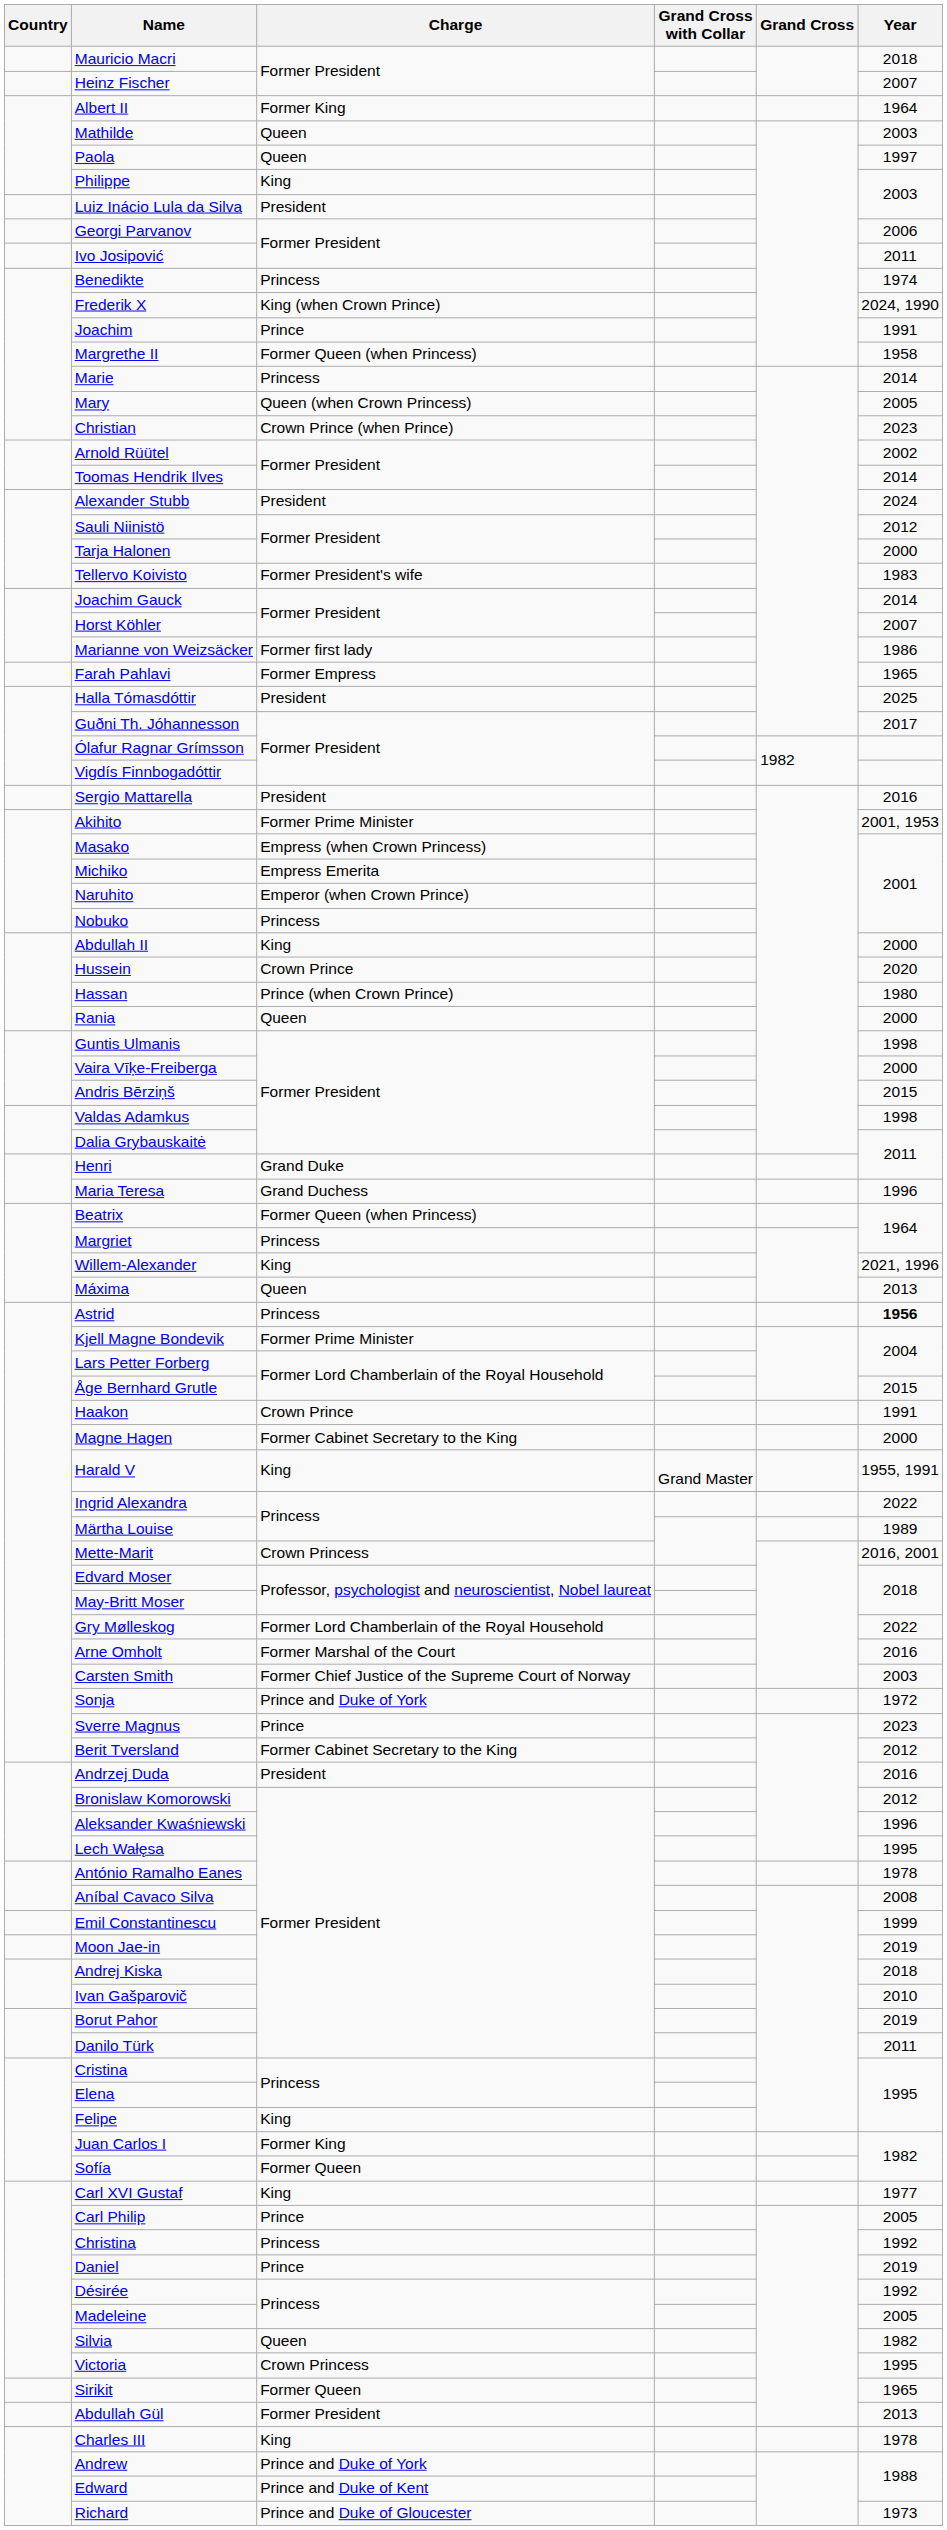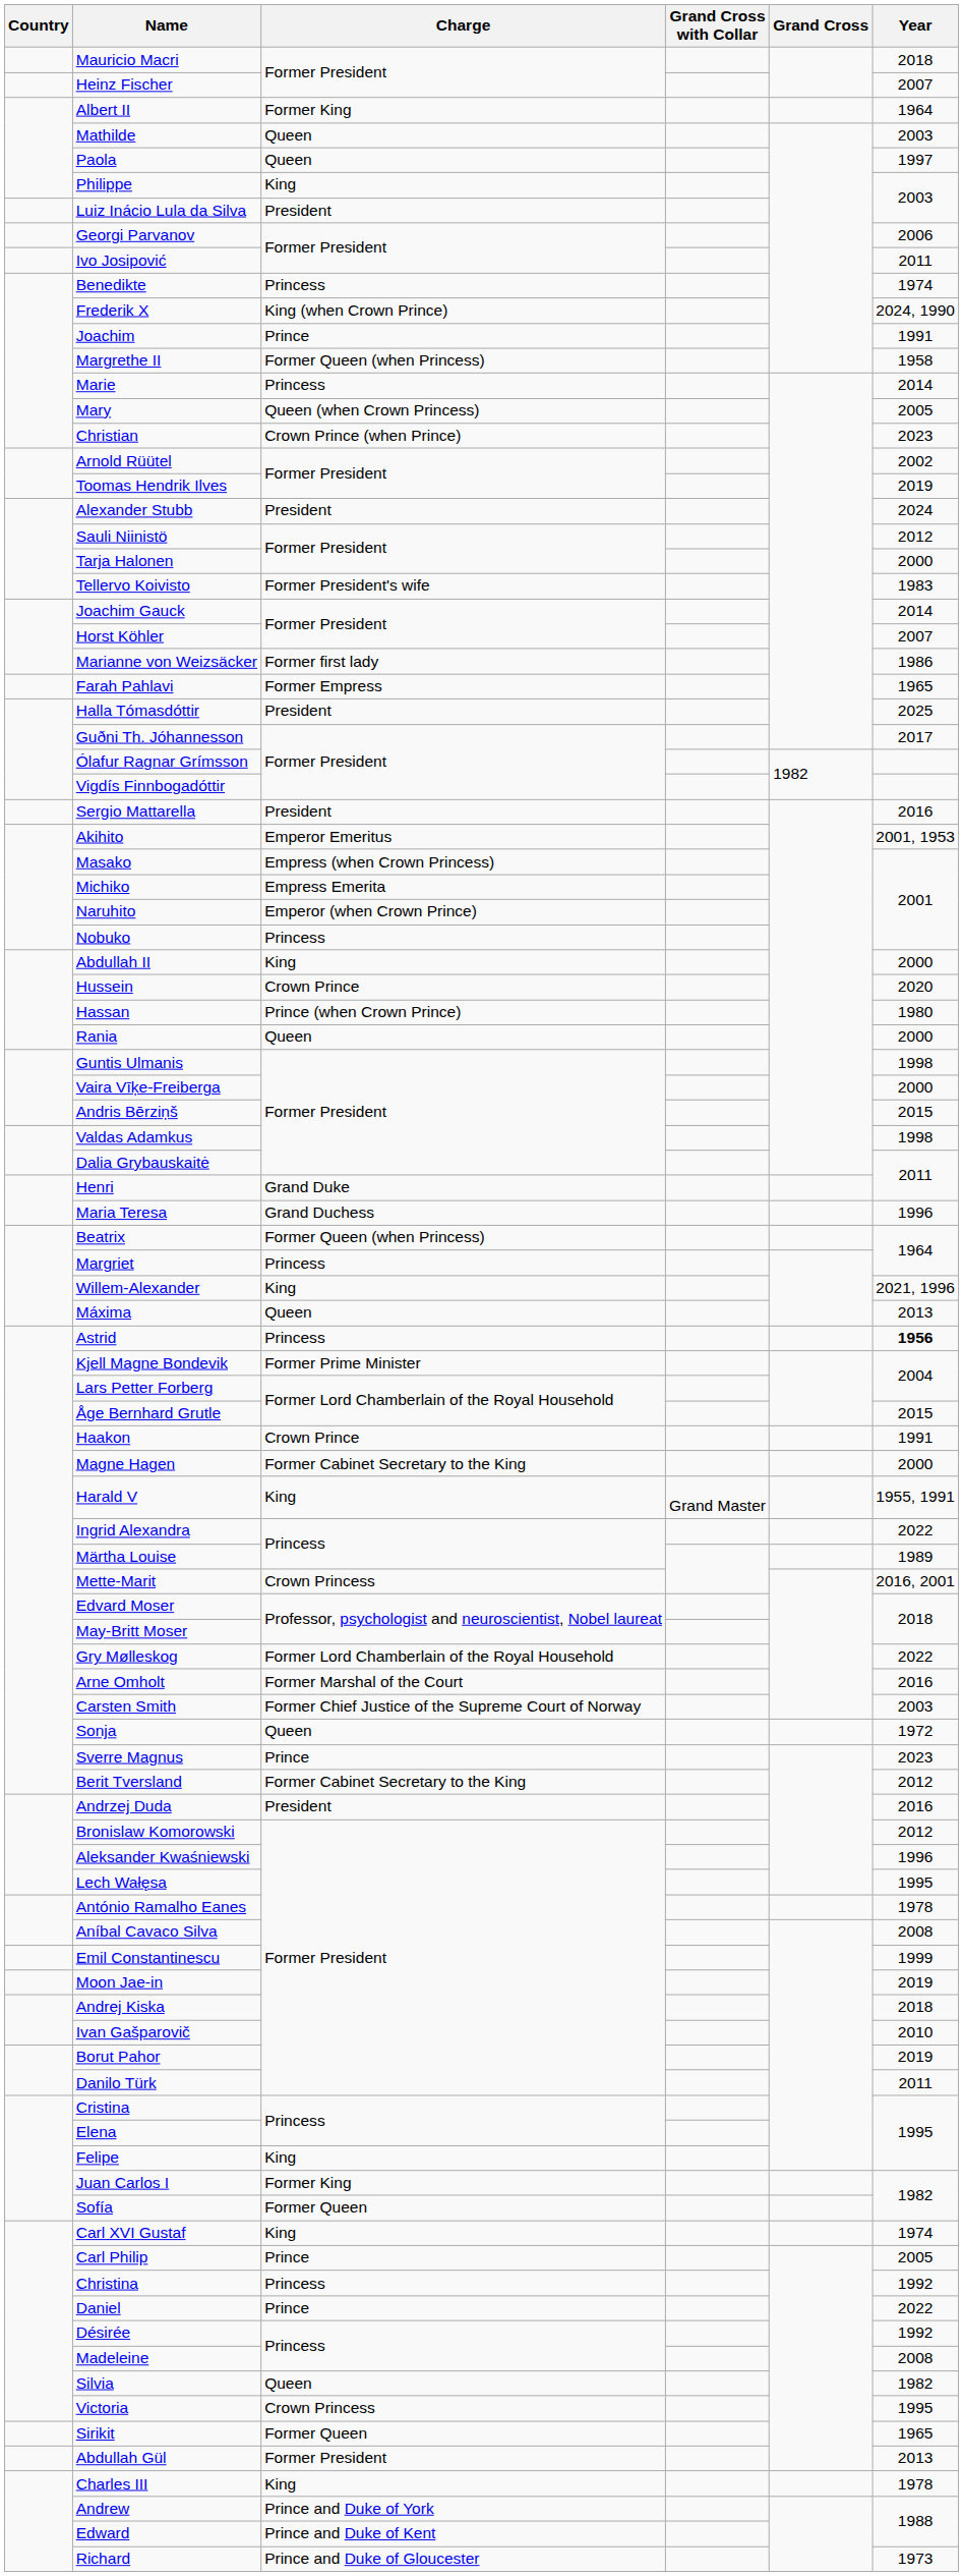 <table class="wikitable sortable" style="text-size:98%;">
 <tr>
 <th>Country</th>
 <th>Name</th>
 <th>Charge</th>
 <th>Grand Cross<br>with Collar</th>
 <th>Grand Cross</th>
 <th>Year</th>
 </tr>
 <tr>
 <td></td>
 <td><a href='#'>Mauricio Macri</a></td>
 <td rowspan="2">Former President</td>
 <td></td>
 <td rowspan="2" align="center"></td>
 <td align="center">2018</td>
 </tr>
 <tr>
 <td></td>
 <td><a href='#'>Heinz Fischer</a></td>
 <td></td>
 <td align="center">2007</td>
 </tr>
 <tr>
 <td rowspan="4"></td>
 <td><a href='#'>Albert II</a></td>
 <td>Former King</td>
 <td align="center"></td>
 <td></td>
 <td align="center">1964</td>
 </tr>
 <tr>
 <td><a href='#'>Mathilde</a></td>
 <td>Queen</td>
 <td></td>
 <td rowspan="10" align="center"></td>
 <td align="center">2003</td>
 </tr>
 <tr>
 <td><a href='#'>Paola</a></td>
 <td>Queen</td>
 <td></td>
 <td align="center">1997</td>
 </tr>
 <tr>
 <td><a href='#'>Philippe</a></td>
 <td>King</td>
 <td></td>
 <td rowspan="2" align="center">2003</td>
 </tr>
 <tr>
 <td></td>
 <td><a href='#'>Luiz Inácio Lula da Silva</a></td>
 <td rowspan="1">President</td>
 <td></td>
 </tr>
 <tr>
 <td></td>
 <td><a href='#'>Georgi Parvanov</a></td>
 <td rowspan="2">Former President</td>
 <td></td>
 <td align="center">2006</td>
 </tr>
 <tr>
 <td></td>
 <td><a href='#'>Ivo Josipović</a></td>
 <td></td>
 <td align="center">2011</td>
 </tr>
 <tr>
 <td rowspan="7"></td>
 <td><a href='#'>Benedikte</a></td>
 <td>Princess</td>
 <td></td>
 <td align="center">1974</td>
 </tr>
 <tr>
 <td><a href='#'>Frederik X</a></td>
 <td>King (when Crown Prince)</td>
 <td align="center"></td>
 <td align="center">2024, 1990</td>
 </tr>
 <tr>
 <td><a href='#'>Joachim</a></td>
 <td>Prince</td>
 <td></td>
 <td align="center">1991</td>
 </tr>
 <tr>
 <td><a href='#'>Margrethe II</a></td>
 <td>Former Queen (when Princess)</td>
 <td align="center"></td>
 <td align="center">1958</td>
 </tr>
 <tr>
 <td><a href='#'>Marie</a></td>
 <td>Princess</td>
 <td></td>
 <td rowspan="15" align="center"></td>
 <td align="center">2014</td>
 </tr>
 <tr>
 <td><a href='#'>Mary</a></td>
 <td>Queen (when Crown Princess)</td>
 <td></td>
 <td align="center">2005</td>
 </tr>
 <tr>
 <td><a href='#'>Christian</a></td>
 <td>Crown Prince (when Prince)</td>
 <td></td>
 <td align="center">2023</td>
 </tr>
 <tr>
 <td rowspan="2"></td>
 <td><a href='#'>Arnold Rüütel</a></td>
 <td rowspan="2">Former President</td>
 <td></td>
 <td align="center">2002</td>
 </tr>
 <tr>
 <td><a href='#'>Toomas Hendrik Ilves</a></td>
 <td></td>
-<td align="center">2014</td>
+<td align="center">2019</td>
 </tr>
 <tr>
 <td rowspan="4"></td>
 <td><a href='#'>Alexander Stubb</a></td>
 <td>President</td>
 <td></td>
 <td align="center">2024</td>
 </tr>
 <tr>
 <td><a href='#'>Sauli Niinistö</a></td>
 <td rowspan="2">Former President</td>
 <td></td>
 <td align="center">2012</td>
 </tr>
 <tr>
 <td><a href='#'>Tarja Halonen</a></td>
 <td></td>
 <td align="center">2000</td>
 </tr>
 <tr>
 <td><a href='#'>Tellervo Koivisto</a></td>
 <td>Former President's wife</td>
 <td></td>
 <td align="center">1983</td>
 </tr>
 <tr>
 <td rowspan="3"></td>
 <td><a href='#'>Joachim Gauck</a></td>
 <td rowspan="2">Former President</td>
 <td></td>
 <td align="center">2014</td>
 </tr>
 <tr>
 <td><a href='#'>Horst Köhler</a></td>
 <td></td>
 <td align="center">2007</td>
 </tr>
 <tr>
 <td><a href='#'>Marianne von Weizsäcker</a></td>
 <td>Former first lady</td>
 <td></td>
 <td align="center">1986</td>
 </tr>
 <tr>
 <td></td>
 <td><a href='#'>Farah Pahlavi</a></td>
 <td>Former Empress</td>
 <td></td>
 <td align="center">1965</td>
 </tr>
 <tr>
 <td rowspan="4"></td>
 <td><a href='#'>Halla Tómasdóttir</a></td>
 <td>President</td>
 <td></td>
 <td align="center">2025</td>
 </tr>
 <tr>
 <td><a href='#'>Guðni Th. Jóhannesson</a></td>
 <td rowspan="3">Former President</td>
 <td></td>
 <td align="center">2017</td>
 </tr>
 <tr>
 <td><a href='#'>Ólafur Ragnar Grímsson</a></td>
 <td></td>
 <td rowspan="2">1982</td>
 </tr>
 <tr>
 <td><a href='#'>Vigdís Finnbogadóttir</a></td>
 <td align="center"></td>
 <td></td>
 </tr>
 <tr>
 <td></td>
 <td><a href='#'>Sergio Mattarella</a></td>
 <td>President</td>
 <td></td>
 <td rowspan="15" align="center"></td>
 <td align="center">2016</td>
 </tr>
 <tr>
 <td rowspan="5"></td>
 <td><a href='#'>Akihito</a></td>
-<td>Former Prime Minister</td>
+<td>Emperor Emeritus</td>
 <td align="center"></td>
 <td align="center">2001, 1953</td>
 </tr>
 <tr>
 <td><a href='#'>Masako</a></td>
 <td>Empress (when Crown Princess)</td>
 <td></td>
 <td rowspan="4" align="center">2001</td>
 </tr>
 <tr>
 <td><a href='#'>Michiko</a></td>
 <td>Empress Emerita</td>
 <td></td>
 </tr>
 <tr>
 <td><a href='#'>Naruhito</a></td>
 <td>Emperor (when Crown Prince)</td>
 <td></td>
 </tr>
 <tr>
 <td><a href='#'>Nobuko</a></td>
 <td>Princess</td>
 <td></td>
 </tr>
 <tr>
 <td rowspan="4"></td>
 <td><a href='#'>Abdullah II</a></td>
 <td>King</td>
 <td></td>
 <td align="center">2000</td>
 </tr>
 <tr>
 <td><a href='#'>Hussein</a></td>
 <td>Crown Prince</td>
 <td></td>
 <td align="center">2020</td>
 </tr>
 <tr>
 <td><a href='#'>Hassan</a></td>
 <td>Prince (when Crown Prince)</td>
 <td></td>
 <td align="center">1980</td>
 </tr>
 <tr>
 <td><a href='#'>Rania</a></td>
 <td>Queen</td>
 <td></td>
 <td align="center">2000</td>
 </tr>
 <tr>
 <td rowspan="3"></td>
 <td><a href='#'>Guntis Ulmanis</a></td>
 <td rowspan="5">Former President</td>
 <td></td>
 <td align="center">1998</td>
 </tr>
 <tr>
 <td><a href='#'>Vaira Vīķe-Freiberga</a></td>
 <td></td>
 <td align="center">2000</td>
 </tr>
 <tr>
 <td><a href='#'>Andris Bērziņš</a></td>
 <td></td>
 <td align="center">2015</td>
 </tr>
 <tr>
 <td rowspan="2"></td>
 <td><a href='#'>Valdas Adamkus</a></td>
 <td></td>
 <td align="center">1998</td>
 </tr>
 <tr>
 <td><a href='#'>Dalia Grybauskaitė</a></td>
 <td></td>
 <td rowspan="2" align="center">2011</td>
 </tr>
 <tr>
 <td rowspan="2"></td>
 <td><a href='#'>Henri</a></td>
 <td>Grand Duke</td>
 <td align="center"></td>
 <td></td>
 </tr>
 <tr>
 <td><a href='#'>Maria Teresa</a></td>
 <td>Grand Duchess</td>
 <td></td>
 <td align="center"></td>
 <td align="center">1996</td>
 </tr>
 <tr>
 <td rowspan="4"></td>
 <td><a href='#'>Beatrix</a></td>
 <td>Former Queen (when Princess)</td>
 <td align="center"></td>
 <td></td>
 <td rowspan="2" align="center">1964</td>
 </tr>
 <tr>
 <td><a href='#'>Margriet</a></td>
 <td>Princess</td>
 <td></td>
 <td rowspan="3" align="center"></td>
 </tr>
 <tr>
 <td><a href='#'>Willem-Alexander</a></td>
 <td>King</td>
 <td align="center"></td>
 <td align="center">2021, 1996</td>
 </tr>
 <tr>
 <td><a href='#'>Máxima</a></td>
 <td>Queen</td>
 <td></td>
 <td align="center">2013</td>
 </tr>
 <tr>
 <td rowspan="18"></td>
 <td><a href='#'>Astrid</a></td>
 <td>Princess</td>
 <td align="center"></td>
 <td></td>
 <td align="center"><strong>1956</strong></td>
 </tr>
 <tr>
 <td><a href='#'>Kjell Magne Bondevik</a></td>
 <td>Former Prime Minister</td>
 <td></td>
 <td rowspan="3" align="center"></td>
 <td rowspan="2" align="center">2004</td>
 </tr>
 <tr>
 <td><a href='#'>Lars Petter Forberg</a></td>
 <td rowspan="2">Former Lord Chamberlain of the Royal Household</td>
 <td></td>
 </tr>
 <tr>
 <td><a href='#'>Åge Bernhard Grutle</a></td>
 <td></td>
 <td align="center">2015</td>
 </tr>
 <tr>
 <td><a href='#'>Haakon</a></td>
 <td>Crown Prince</td>
 <td align="center"></td>
 <td></td>
 <td align="center">1991</td>
 </tr>
 <tr>
 <td><a href='#'>Magne Hagen</a></td>
 <td>Former Cabinet Secretary to the King</td>
 <td></td>
 <td align="center"></td>
 <td align="center">2000</td>
 </tr>
 <tr>
 <td><a href='#'>Harald V</a></td>
 <td>King</td>
 <td align="center"><br>Grand Master</td>
 <td></td>
 <td align="center">1955, 1991</td>
 </tr>
 <tr>
 <td><a href='#'>Ingrid Alexandra</a></td>
 <td rowspan="2">Princess</td>
 <td></td>
 <td align="center"></td>
 <td align="center">2022</td>
 </tr>
 <tr>
 <td><a href='#'>Märtha Louise</a></td>
 <td rowspan="2" align="center"></td>
 <td></td>
 <td align="center">1989</td>
 </tr>
 <tr>
 <td><a href='#'>Mette-Marit</a></td>
 <td>Crown Princess</td>
 <td rowspan="6" align="center"></td>
 <td align="center">2016, 2001</td>
 </tr>
 <tr>
 <td><a href='#'>Edvard Moser</a></td>
 <td rowspan="2">Professor, <a href='#'>psychologist</a> and <a href='#'>neuroscientist</a>, <a href='#'>Nobel laureat</a></td>
 <td></td>
 <td rowspan="2" align="center">2018</td>
 </tr>
 <tr>
 <td><a href='#'>May-Britt Moser</a></td>
 <td></td>
 </tr>
 <tr>
 <td><a href='#'>Gry Mølleskog</a></td>
 <td>Former Lord Chamberlain of the Royal Household</td>
 <td></td>
 <td align="center">2022</td>
 </tr>
 <tr>
 <td><a href='#'>Arne Omholt</a></td>
 <td>Former Marshal of the Court</td>
 <td></td>
 <td align="center">2016</td>
 </tr>
 <tr>
 <td><a href='#'>Carsten Smith</a></td>
 <td>Former Chief Justice of the Supreme Court of Norway</td>
 <td></td>
 <td align="center">2003</td>
 </tr>
 <tr>
 <td><a href='#'>Sonja</a></td>
-<td>Prince and <a href='#'>Duke of York</a></td>
+<td>Queen</td>
 <td align="center"></td>
 <td></td>
 <td align="center">1972</td>
 </tr>
 <tr>
 <td><a href='#'>Sverre Magnus</a></td>
 <td>Prince</td>
 <td></td>
 <td rowspan="6" align="center"></td>
 <td align="center">2023</td>
 </tr>
 <tr>
 <td><a href='#'>Berit Tversland</a></td>
 <td>Former Cabinet Secretary to the King</td>
 <td></td>
 <td align="center">2012</td>
 </tr>
 <tr>
 <td rowspan="4"></td>
 <td><a href='#'>Andrzej Duda</a></td>
 <td>President</td>
 <td></td>
 <td align="center">2016</td>
 </tr>
 <tr>
 <td><a href='#'>Bronislaw Komorowski</a></td>
 <td rowspan="11">Former President</td>
 <td></td>
 <td align="center">2012</td>
 </tr>
 <tr>
 <td><a href='#'>Aleksander Kwaśniewski</a></td>
 <td></td>
 <td align="center">1996</td>
 </tr>
 <tr>
 <td><a href='#'>Lech Wałęsa</a></td>
 <td></td>
 <td align="center">1995</td>
 </tr>
 <tr>
 <td rowspan="2"></td>
 <td><a href='#'>António Ramalho Eanes</a></td>
 <td align="center"></td>
 <td></td>
 <td align="center">1978</td>
 </tr>
 <tr>
 <td><a href='#'>Aníbal Cavaco Silva</a></td>
 <td></td>
 <td rowspan="10" align="center"></td>
 <td align="center">2008</td>
 </tr>
 <tr>
 <td></td>
 <td><a href='#'>Emil Constantinescu</a></td>
 <td></td>
 <td align="center">1999</td>
 </tr>
 <tr>
 <td></td>
 <td><a href='#'>Moon Jae-in</a></td>
 <td></td>
 <td align="center">2019</td>
 </tr>
 <tr>
 <td rowspan="2"></td>
 <td><a href='#'>Andrej Kiska</a></td>
 <td></td>
 <td align="center">2018</td>
 </tr>
 <tr>
 <td><a href='#'>Ivan Gašparovič</a></td>
 <td></td>
 <td align="center">2010</td>
 </tr>
 <tr>
 <td rowspan="2"></td>
 <td><a href='#'>Borut Pahor</a></td>
 <td></td>
 <td align="center">2019</td>
 </tr>
 <tr>
 <td><a href='#'>Danilo Türk</a></td>
 <td></td>
 <td align="center">2011</td>
 </tr>
 <tr>
 <td rowspan="5"></td>
 <td><a href='#'>Cristina</a></td>
 <td rowspan="2">Princess</td>
 <td></td>
 <td rowspan="3" align="center">1995</td>
 </tr>
 <tr>
 <td><a href='#'>Elena</a></td>
 <td></td>
 </tr>
 <tr>
 <td><a href='#'>Felipe</a></td>
 <td>King</td>
 <td></td>
 </tr>
 <tr>
 <td><a href='#'>Juan Carlos I</a></td>
 <td>Former King</td>
 <td align="center"></td>
 <td></td>
 <td rowspan="2" align="center">1982</td>
 </tr>
 <tr>
 <td><a href='#'>Sofía</a></td>
 <td>Former Queen</td>
 <td></td>
 <td align="center"></td>
 </tr>
 <tr>
 <td rowspan="8"></td>
 <td><a href='#'>Carl XVI Gustaf</a></td>
 <td>King</td>
 <td></td>
 <td></td>
-<td align="center">1977</td>
+<td align="center">1974</td>
 </tr>
 <tr>
 <td><a href='#'>Carl Philip</a></td>
 <td>Prince</td>
 <td></td>
 <td rowspan="9" align="center"></td>
 <td align="center">2005</td>
 </tr>
 <tr>
 <td><a href='#'>Christina</a></td>
 <td>Princess</td>
 <td></td>
 <td align="center">1992</td>
 </tr>
 <tr>
 <td><a href='#'>Daniel</a></td>
 <td>Prince</td>
 <td></td>
-<td align="center">2019</td>
+<td align="center">2022</td>
 </tr>
 <tr>
 <td><a href='#'>Désirée</a></td>
 <td rowspan="2">Princess</td>
 <td></td>
 <td align="center">1992</td>
 </tr>
 <tr>
 <td><a href='#'>Madeleine</a></td>
 <td></td>
-<td align="center">2005</td>
+<td align="center">2008</td>
 </tr>
 <tr>
 <td><a href='#'>Silvia</a></td>
 <td>Queen</td>
 <td></td>
 <td align="center">1982</td>
 </tr>
 <tr>
 <td><a href='#'>Victoria</a></td>
 <td>Crown Princess</td>
 <td></td>
 <td align="center">1995</td>
 </tr>
 <tr>
 <td></td>
 <td><a href='#'>Sirikit</a></td>
 <td>Former Queen</td>
 <td></td>
 <td align="center">1965</td>
 </tr>
 <tr>
 <td></td>
 <td><a href='#'>Abdullah Gül</a></td>
 <td>Former President</td>
 <td></td>
 <td align="center">2013</td>
 </tr>
 <tr>
 <td rowspan="4"></td>
 <td><a href='#'>Charles III</a></td>
 <td>King</td>
 <td align="center"></td>
 <td></td>
 <td align="center">1978</td>
 </tr>
 <tr>
 <td><a href='#'>Andrew</a></td>
 <td>Prince and <a href='#'>Duke of York</a></td>
 <td></td>
 <td rowspan="3" align="center"></td>
 <td rowspan="2" align="center">1988</td>
 </tr>
 <tr>
 <td><a href='#'>Edward</a></td>
 <td>Prince and <a href='#'>Duke of Kent</a></td>
 <td></td>
 </tr>
 <tr>
 <td><a href='#'>Richard</a></td>
 <td>Prince and <a href='#'>Duke of Gloucester</a></td>
 <td></td>
 <td align="center">1973</td>
 </tr>
 </table>
